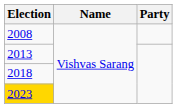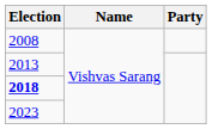 <table class="wikitable sortable">
 <tr>
 <th>Election</th>
 <th>Name</th>
 <th colspan=2>Party</th>
 </tr>
 <tr>
 <td><a href='#'>2008</a></td>
 <td rowspan="4"><a href='#'>Vishvas Sarang</a></td>
 <td></td>
 </tr>
 <tr>
 <td><a href='#'>2013</a></td>
 </tr>
 <tr>
-<td><a href='#'>2018</a></td>
+<td><strong><a href='#'>2018</a></strong></td>
 </tr>
 <tr>
-<td style="background: gold;"><a href='#'>2023</a></td>
+<td><a href='#'>2023</a></td>
 </tr>
 </table>
